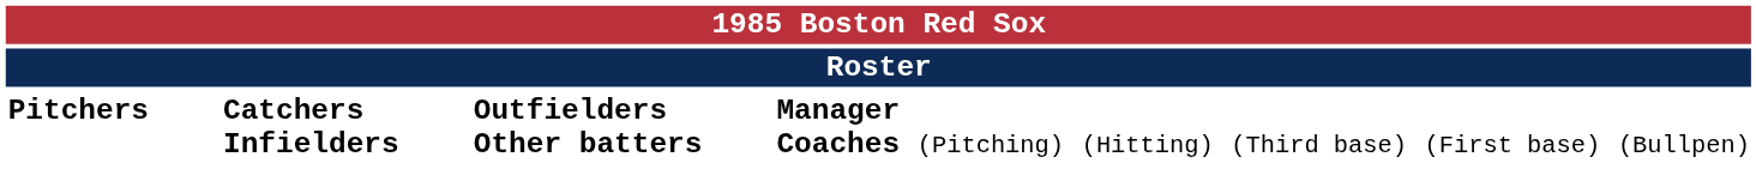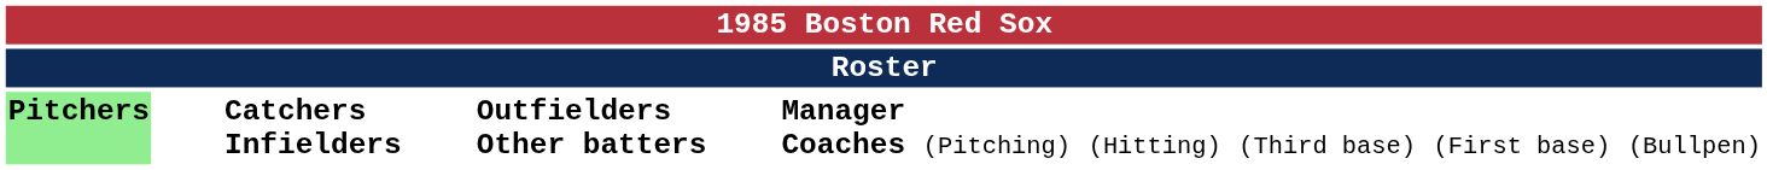 <table class="toccolours" style="text-align: left;">
 <tr>
 <th colspan="10" style="background-color: #ba313c; color: white; text-align: center;">1985 Boston Red Sox</th>
 </tr>
 <tr>
 <td colspan="10" style="background-color: #0d2b56; color: white; text-align: center;"><strong>Roster</strong></td>
 </tr>
 <tr>
-<td valign="top"><strong>Pitchers</strong><br>                </td>
+<td valign="top" style="background: lightgreen;"><strong>Pitchers</strong><br>                </td>
 <td width="25px"></td>
 <td valign="top"><strong>Catchers</strong><br>   <strong>Infielders</strong>       </td>
 <td width="25px"></td>
 <td valign="top"><strong>Outfielders</strong><br>        <strong>Other batters</strong> </td>
 <td width="25px"></td>
 <td valign="top"><strong>Manager</strong><br> <strong>Coaches</strong>  <small>(Pitching)</small>  <small>(Hitting)</small>  <small>(Third base)</small>  <small>(First base)</small>  <small>(Bullpen)</small></td>
 </tr>
 <tr>
 </tr>
 </table>
